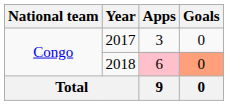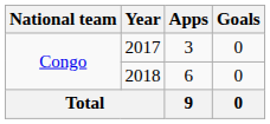 <table class="wikitable" style="text-align:center">
 <tr>
 <th>National team</th>
 <th>Year</th>
 <th>Apps</th>
 <th>Goals</th>
 </tr>
 <tr>
 <td rowspan="2"><a href='#'>Congo</a></td>
 <td>2017</td>
 <td>3</td>
 <td>0</td>
 </tr>
 <tr>
 <td>2018</td>
-<td style="background: pink;">6</td>
-<td style="background: lightsalmon;">0</td>
+<td>6</td>
+<td>0</td>
 </tr>
 <tr>
 <th colspan=2>Total</th>
 <th>9</th>
 <th>0</th>
 </tr>
 </table>
